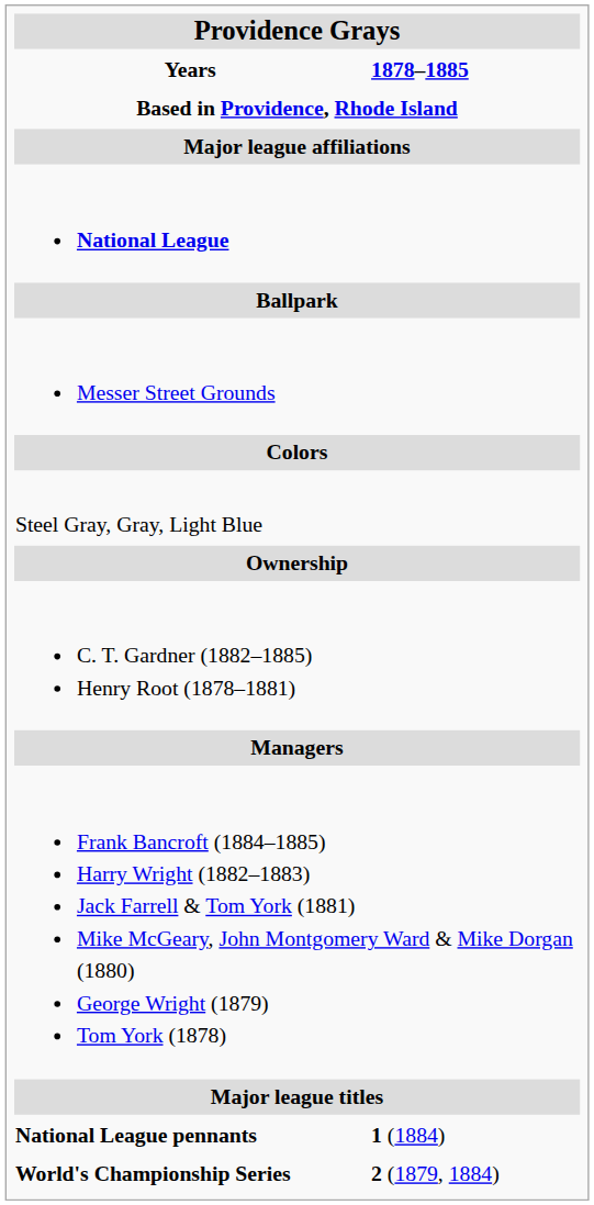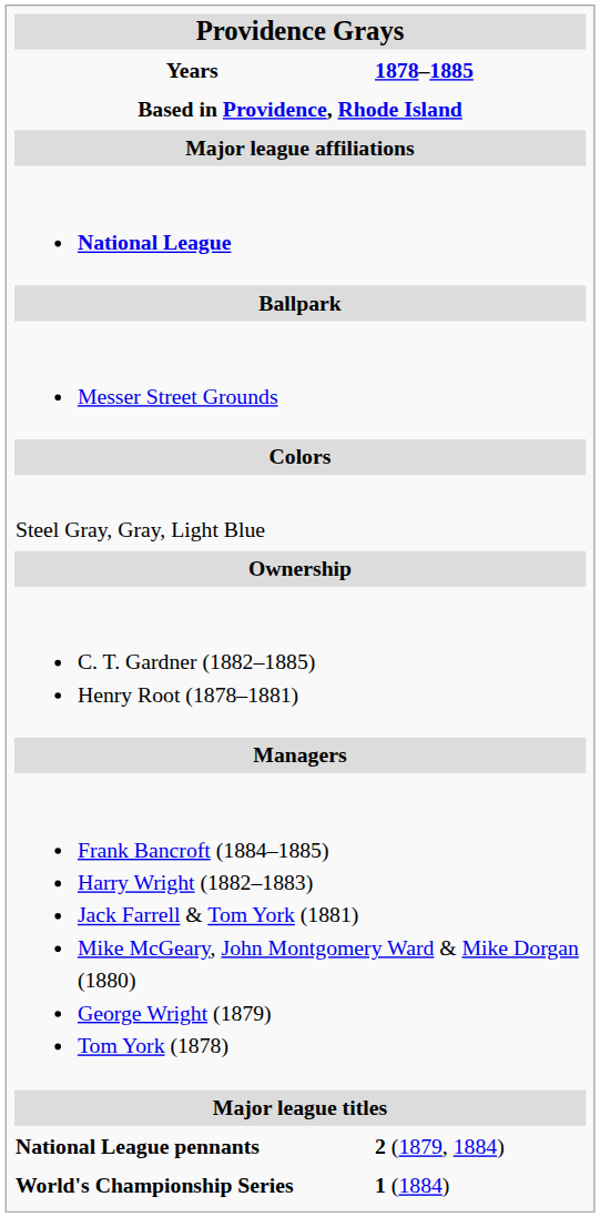 <table class="infobox vcard" style="width: 27em; font-size: 88%; text-align: left; line-height: 1.5em">
 <tr>
 <th colspan=2 class="fn org" style="font-size: 125%; text-align: center; background-color: #dcdcdc;margin-bottom:3px;">Providence Grays</th>
 </tr>
 <tr>
 <th style="text-align: center">Years</th>
 <td><strong><a href='#'>1878</a>–<a href='#'>1885</a></strong></td>
 </tr>
 <tr>
 <th style="text-align: center" colspan="2">Based in <a href='#'>Providence</a>, <a href='#'>Rhode Island</a></th>
 </tr>
 <tr>
 <th colspan=2 style="background-color: #dcdcdc; text-align: center">Major league affiliations</th>
 </tr>
 <tr>
 <th colspan=2><br><ul><li><a href='#'>National League</a></li></ul></th>
 </tr>
 <tr>
 <th colspan=2 style="background-color: #dcdcdc; text-align: center">Ballpark</th>
 </tr>
 <tr>
 <td colspan="2"><br><ul><li><a href='#'>Messer Street Grounds</a></li></ul></td>
 </tr>
 <tr>
 <th colspan=2 style="background-color: #dcdcdc; text-align: center">Colors</th>
 </tr>
 <tr>
 <td colspan="2"><br>Steel Gray, Gray, Light Blue<br>   </td>
 </tr>
 <tr>
 <th colspan=2 style="background-color: #dcdcdc; text-align: center">Ownership</th>
 </tr>
 <tr>
 <td colspan="2"><br><ul><li>C. T. Gardner (1882–1885)</li><li>Henry Root (1878–1881)</li></ul></td>
 </tr>
 <tr>
 <th colspan=2 style="background-color: #dcdcdc; text-align: center">Managers</th>
 </tr>
 <tr>
 <td colspan="2"><br><ul><li><a href='#'>Frank Bancroft</a> (1884–1885)</li><li><a href='#'>Harry Wright</a> (1882–1883)</li><li><a href='#'>Jack Farrell</a> & <a href='#'>Tom York</a> (1881)</li><li><a href='#'>Mike McGeary</a>, <a href='#'>John Montgomery Ward</a> & <a href='#'>Mike Dorgan</a> (1880)</li><li><a href='#'>George Wright</a> (1879)</li><li><a href='#'>Tom York</a> (1878)</li></ul></td>
 </tr>
 <tr>
 <th colspan=2 style="background-color: #dcdcdc; text-align: center">Major league titles</th>
 </tr>
 <tr width="165px" style="vertical-align: top">
 <td><strong>National League pennants</strong></td>
-<td><strong>1</strong> (<a href='#'>1884</a>)</td>
+<td width="135px"><strong>2</strong> (<a href='#'>1879</a>, <a href='#'>1884</a>)</td>
 </tr>
 <tr>
 <td><strong>World's Championship Series</strong></td>
-<td width="135px"><strong>2</strong> (<a href='#'>1879</a>, <a href='#'>1884</a>)</td>
+<td><strong>1</strong> (<a href='#'>1884</a>)</td>
 </tr>
 </table>
